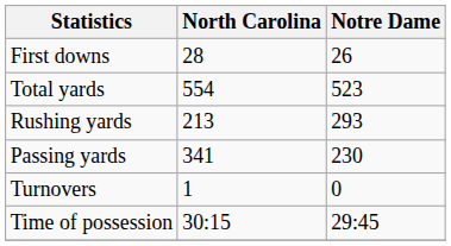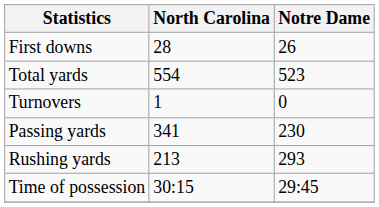 <table class="wikitable">
 <tr>
 <th>Statistics</th>
 <th>North Carolina</th>
 <th>Notre Dame</th>
 </tr>
 <tr>
 <td>First downs</td>
 <td>28</td>
 <td>26</td>
 </tr>
 <tr>
 <td>Total yards</td>
 <td>554</td>
 <td>523</td>
 </tr>
 <tr>
-<td>Rushing yards</td>
-<td>213</td>
-<td>293</td>
+<td>Turnovers</td>
+<td>1</td>
+<td>0</td>
 </tr>
 <tr>
 <td>Passing yards</td>
 <td>341</td>
 <td>230</td>
 </tr>
 <tr>
-<td>Turnovers</td>
-<td>1</td>
-<td>0</td>
+<td>Rushing yards</td>
+<td>213</td>
+<td>293</td>
 </tr>
 <tr>
 <td>Time of possession</td>
 <td>30:15</td>
 <td>29:45</td>
 </tr>
 <tr>
 </tr>
 </table>
